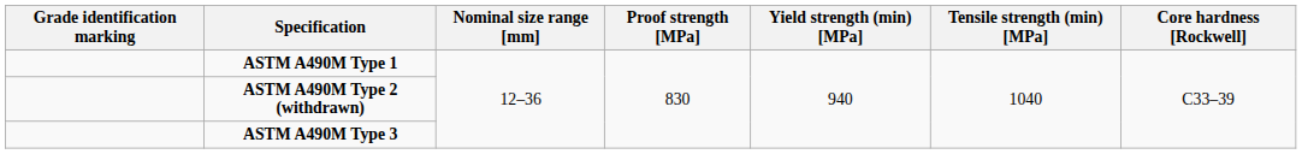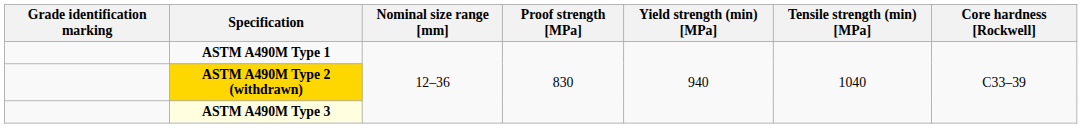 <table class="wikitable" border="1" style="text-align:center">
 <tr>
 <th>Grade identification marking</th>
 <th>Specification</th>
 <th>Nominal size range [mm]</th>
 <th>Proof strength [MPa]</th>
 <th>Yield strength (min) [MPa]</th>
 <th>Tensile strength (min) [MPa]</th>
 <th>Core hardness [Rockwell]</th>
 </tr>
 <tr>
 <td></td>
 <td><strong>ASTM A490M Type 1</strong></td>
 <td rowspan=3>12–36</td>
 <td rowspan=3>830</td>
 <td rowspan=3>940</td>
 <td rowspan=3>1040</td>
 <td rowspan=3>C33–39</td>
 </tr>
 <tr>
 <td></td>
-<td><strong>ASTM A490M Type 2 (withdrawn)</strong></td>
+<td style="background: gold;"><strong>ASTM A490M Type 2 (withdrawn)</strong></td>
 </tr>
 <tr>
 <td></td>
-<td><strong>ASTM A490M Type 3</strong></td>
+<td style="background: lightyellow;"><strong>ASTM A490M Type 3</strong></td>
 </tr>
 </table>
